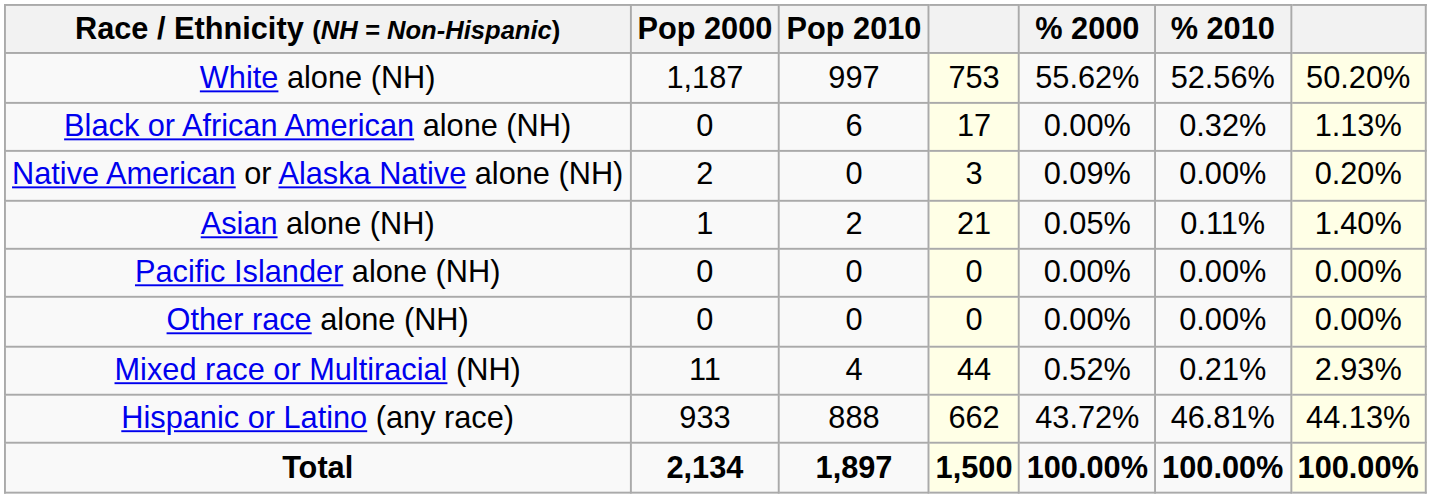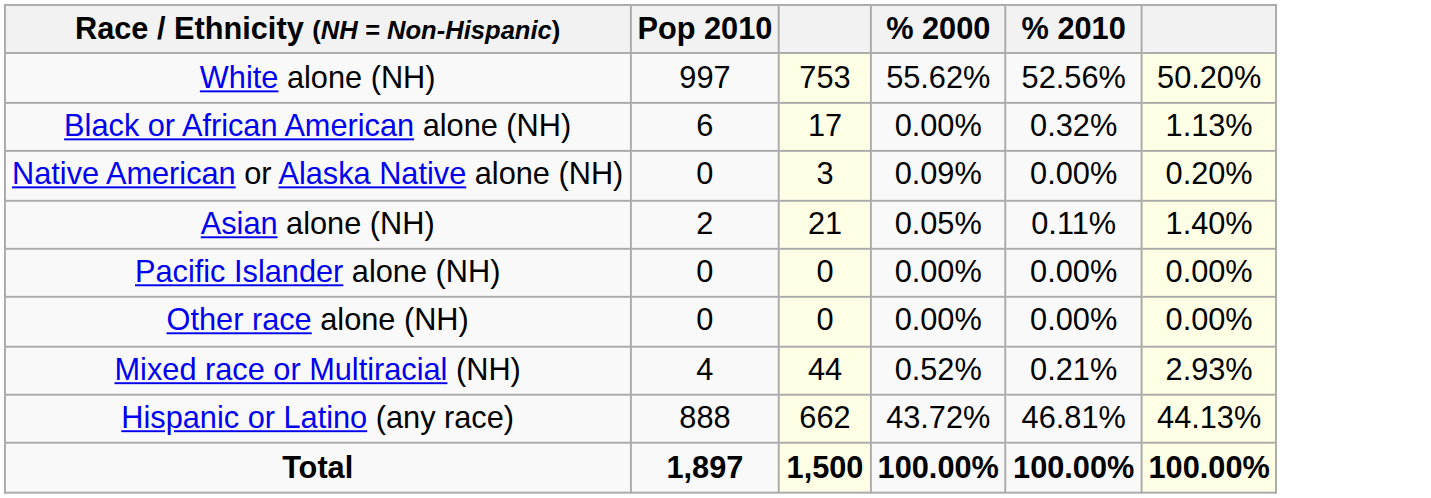 <table class="wikitable" style="text-align:center;">
 <tr>
 <th>Race / Ethnicity <small>(<em>NH = Non-Hispanic</em>)</small></th>
-<th>Pop 2000</th>
 <th>Pop 2010</th>
 <th></th>
 <th>% 2000</th>
 <th>% 2010</th>
 <th></th>
 </tr>
 <tr>
 <td><a href='#'>White</a> alone (NH)</td>
-<td>1,187</td>
 <td>997</td>
 <td style='background: #ffffe6;'>753</td>
 <td>55.62%</td>
 <td>52.56%</td>
 <td style='background: #ffffe6;'>50.20%</td>
 </tr>
 <tr>
 <td><a href='#'>Black or African American</a> alone (NH)</td>
-<td>0</td>
 <td>6</td>
 <td style='background: #ffffe6;'>17</td>
 <td>0.00%</td>
 <td>0.32%</td>
 <td style='background: #ffffe6;'>1.13%</td>
 </tr>
 <tr>
 <td><a href='#'>Native American</a> or <a href='#'>Alaska Native</a> alone (NH)</td>
-<td>2</td>
 <td>0</td>
 <td style='background: #ffffe6;'>3</td>
 <td>0.09%</td>
 <td>0.00%</td>
 <td style='background: #ffffe6;'>0.20%</td>
 </tr>
 <tr>
 <td><a href='#'>Asian</a> alone (NH)</td>
-<td>1</td>
 <td>2</td>
 <td style='background: #ffffe6;'>21</td>
 <td>0.05%</td>
 <td>0.11%</td>
 <td style='background: #ffffe6;'>1.40%</td>
 </tr>
 <tr>
 <td><a href='#'>Pacific Islander</a> alone (NH)</td>
 <td>0</td>
-<td>0</td>
 <td style='background: #ffffe6;'>0</td>
 <td>0.00%</td>
 <td>0.00%</td>
 <td style='background: #ffffe6;'>0.00%</td>
 </tr>
 <tr>
 <td><a href='#'>Other race</a> alone (NH)</td>
 <td>0</td>
-<td>0</td>
 <td style='background: #ffffe6;'>0</td>
 <td>0.00%</td>
 <td>0.00%</td>
 <td style='background: #ffffe6;'>0.00%</td>
 </tr>
 <tr>
 <td><a href='#'>Mixed race or Multiracial</a> (NH)</td>
-<td>11</td>
 <td>4</td>
 <td style='background: #ffffe6;'>44</td>
 <td>0.52%</td>
 <td>0.21%</td>
 <td style='background: #ffffe6;'>2.93%</td>
 </tr>
 <tr>
 <td><a href='#'>Hispanic or Latino</a> (any race)</td>
-<td>933</td>
 <td>888</td>
 <td style='background: #ffffe6;'>662</td>
 <td>43.72%</td>
 <td>46.81%</td>
 <td style='background: #ffffe6;'>44.13%</td>
 </tr>
 <tr>
 <td><strong>Total</strong></td>
-<td><strong>2,134</strong></td>
 <td><strong>1,897</strong></td>
 <td style='background: #ffffe6;'><strong>1,500</strong></td>
 <td><strong>100.00%</strong></td>
 <td><strong>100.00%</strong></td>
 <td style='background: #ffffe6;'><strong>100.00%</strong></td>
 </tr>
 </table>
